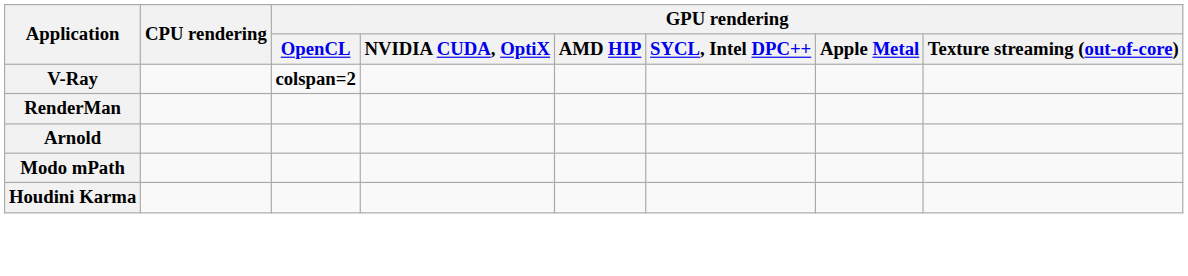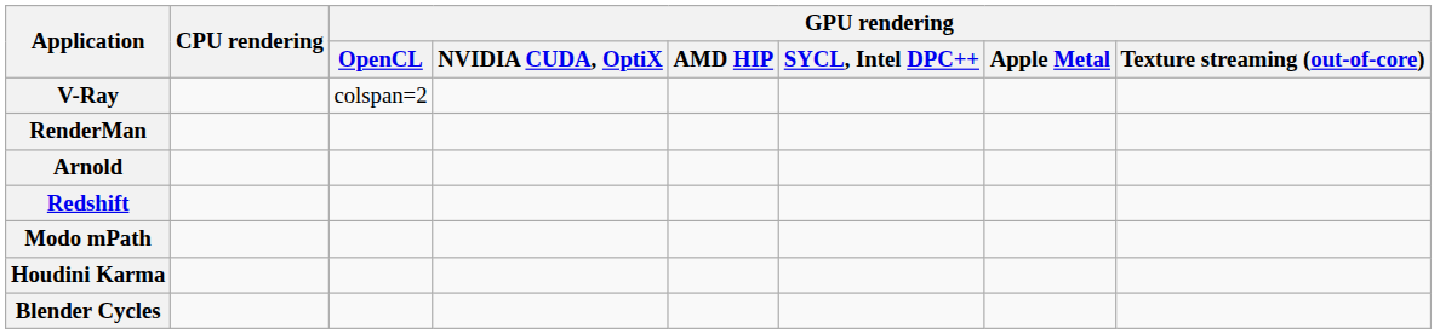 <table class="sortable sort-under wikitable" style="text-align: center; ">
 <tr>
 <th rowspan=2>Application</th>
 <th rowspan=2>CPU rendering</th>
 <th colspan=6>GPU rendering</th>
 </tr>
 <tr>
 <th><a href='#'>OpenCL</a></th>
 <th>NVIDIA <a href='#'>CUDA</a>, <a href='#'>OptiX</a></th>
 <th>AMD <a href='#'>HIP</a></th>
 <th><a href='#'>SYCL</a>, Intel <a href='#'>DPC++</a></th>
 <th>Apple <a href='#'>Metal</a></th>
 <th>Texture streaming (<a href='#'>out-of-core</a>)</th>
 </tr>
 <tr>
 <th>V-Ray</th>
 <td></td>
-<td><strong>colspan=2 </strong></td>
+<td>colspan=2 </td>
 <td></td>
 <td></td>
 <td></td>
 <td></td>
 </tr>
 <tr>
 <th>RenderMan</th>
 <td></td>
 <td></td>
 <td></td>
 <td></td>
 <td></td>
 <td></td>
 <td></td>
 </tr>
 <tr>
 <th>Arnold</th>
+<td></td>
+<td></td>
+<td></td>
+<td></td>
+<td></td>
+<td></td>
+<td></td>
+</tr>
+<tr>
+<th><a href='#'>Redshift</a></th>
 <td></td>
 <td></td>
 <td></td>
 <td></td>
 <td></td>
 <td></td>
 <td></td>
 </tr>
 <tr>
 <th>Modo mPath</th>
 <td></td>
 <td></td>
 <td></td>
 <td></td>
 <td></td>
 <td></td>
 <td></td>
 </tr>
 <tr>
 <th>Houdini Karma</th>
 <td></td>
 <td></td>
 <td></td>
 <td></td>
 <td></td>
 <td></td>
 <td></td>
 </tr>
+<tr>
+<th>Blender Cycles</th>
+<td></td>
+<td></td>
+<td></td>
+<td></td>
+<td></td>
+<td></td>
+<td></td>
+</tr>
 </table>
